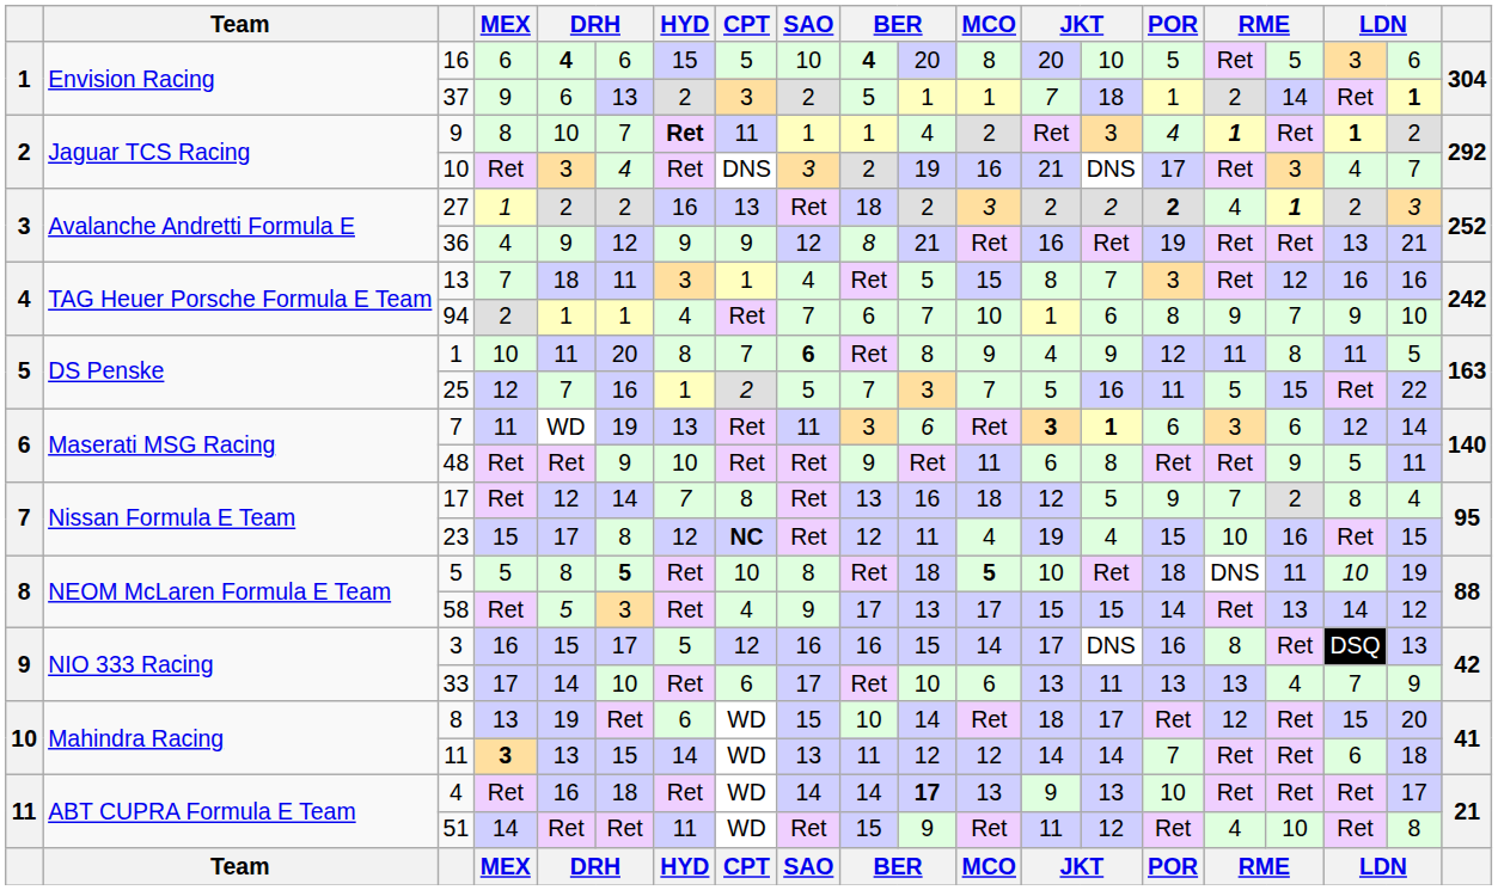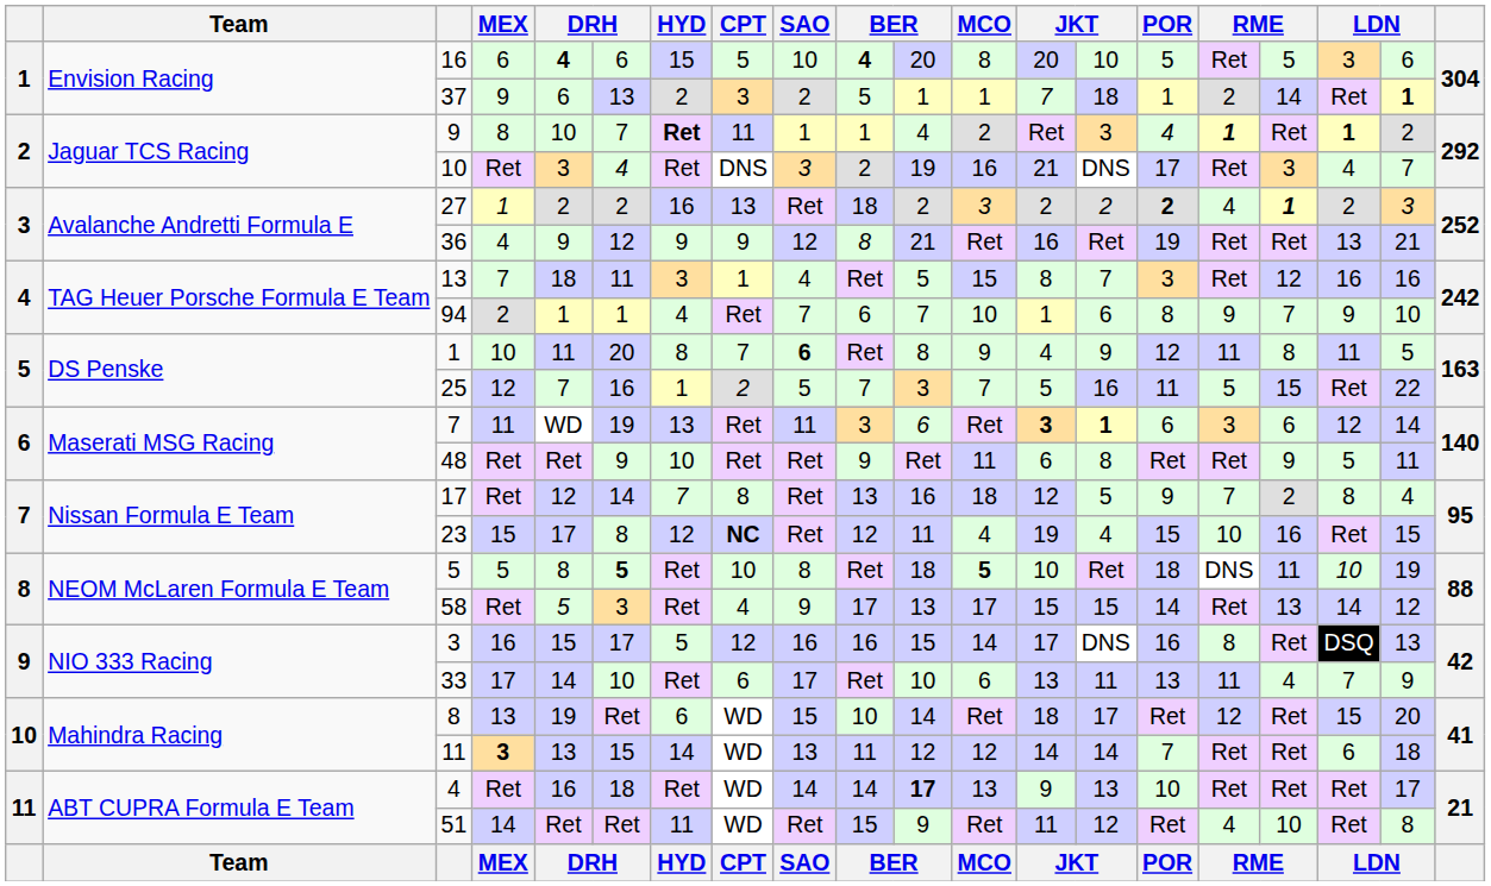 <table class="wikitable" style="font-size:85%; text-align:center">
 <tr>
 <th valign="middle"></th>
 <th valign="middle">Team</th>
 <th></th>
 <th><a href='#'>MEX</a><br></th>
 <th colspan="2" scope="col"><a href='#'>DRH</a><br></th>
 <th><a href='#'>HYD</a><br></th>
 <th><a href='#'>CPT</a><br></th>
 <th><a href='#'>SAO</a><br></th>
 <th colspan="2"><a href='#'>BER</a><br></th>
 <th><a href='#'>MCO</a><br></th>
 <th colspan="2"><a href='#'>JKT</a><br></th>
 <th><a href='#'>POR</a><br></th>
 <th colspan="2"><a href='#'>RME</a><br></th>
 <th colspan="2"><a href='#'>LDN</a><br></th>
 <th></th>
 </tr>
 <tr>
 <th rowspan='2'>1</th>
 <td rowspan='2' align=left> <a href='#'>Envision Racing</a></td>
 <td>16</td>
 <td style='background:#DFFFDF'>6</td>
 <td style='background:#DFFFDF'><strong>4</strong></td>
 <td style='background:#DFFFDF'>6</td>
 <td style='background:#CFCFFF'>15</td>
 <td style='background:#DFFFDF'>5</td>
 <td style='background:#DFFFDF'>10</td>
 <td style='background:#DFFFDF'><strong>4</strong></td>
 <td style='background:#CFCFFF'>20</td>
 <td style='background:#DFFFDF'>8</td>
 <td style='background:#CFCFFF'>20</td>
 <td style='background:#DFFFDF'>10</td>
 <td style='background:#DFFFDF'>5</td>
 <td style='background:#EFCFFF'>Ret</td>
 <td style='background:#DFFFDF'>5</td>
 <td style='background:#FFDF9F'>3</td>
 <td style='background:#DFFFDF'>6</td>
 <th rowspan='2'>304</th>
 </tr>
 <tr>
 <td>37</td>
 <td style='background:#DFFFDF'>9</td>
 <td style='background:#DFFFDF'>6</td>
 <td style='background:#CFCFFF'>13</td>
 <td style='background:#DFDFDF'>2</td>
 <td style='background:#FFDF9F'>3</td>
 <td style='background:#DFDFDF'>2</td>
 <td style='background:#DFFFDF'>5</td>
 <td style='background:#FFFFBF'>1</td>
 <td style='background:#FFFFBF'>1</td>
 <td style='background:#DFFFDF'><em>7</em></td>
 <td style='background:#CFCFFF'>18</td>
 <td style='background:#FFFFBF'>1</td>
 <td style='background:#DFDFDF'>2</td>
 <td style='background:#CFCFFF'>14</td>
 <td style='background:#EFCFFF'>Ret</td>
 <td style='background:#FFFFBF'><strong>1</strong></td>
 </tr>
 <tr>
 <th rowspan='2'>2</th>
 <td rowspan='2' align=left> <a href='#'>Jaguar TCS Racing</a></td>
 <td>9</td>
 <td style='background:#DFFFDF'>8</td>
 <td style='background:#DFFFDF'>10</td>
 <td style='background:#DFFFDF'>7</td>
 <td style='background:#EFCFFF'><strong>Ret</strong></td>
 <td style='background:#CFCFFF'>11</td>
 <td style='background:#FFFFBF'>1</td>
 <td style='background:#FFFFBF'>1</td>
 <td style='background:#DFFFDF'>4</td>
 <td style='background:#DFDFDF'>2</td>
 <td style='background:#EFCFFF'>Ret</td>
 <td style='background:#FFDF9F'>3</td>
 <td style='background:#DFFFDF'><em>4</em></td>
 <td style='background:#FFFFBF'><strong><em>1</em></strong></td>
 <td style='background:#EFCFFF'>Ret</td>
 <td style='background:#FFFFBF'><strong>1</strong></td>
 <td style='background:#DFDFDF'>2</td>
 <th rowspan='2'>292</th>
 </tr>
 <tr>
 <td>10</td>
 <td style='background:#EFCFFF'>Ret</td>
 <td style='background:#FFDF9F'>3</td>
 <td style='background:#DFFFDF'><em>4</em></td>
 <td style='background:#EFCFFF'>Ret</td>
 <td style='background:#ffffff'>DNS</td>
 <td style='background:#FFDF9F'><em>3</em></td>
 <td style='background:#DFDFDF'>2</td>
 <td style='background:#CFCFFF'>19</td>
 <td style='background:#CFCFFF'>16</td>
 <td style='background:#CFCFFF'>21</td>
 <td style='background:#ffffff'>DNS</td>
 <td style='background:#CFCFFF'>17</td>
 <td style='background:#EFCFFF'>Ret</td>
 <td style='background:#FFDF9F'>3</td>
 <td style='background:#DFFFDF'>4</td>
 <td style='background:#DFFFDF'>7</td>
 </tr>
 <tr>
 <th rowspan='2'>3</th>
 <td rowspan='2' align=left> <a href='#'>Avalanche Andretti Formula E</a></td>
 <td>27</td>
 <td width='30px' style='background:#FFFFBF'><em>1</em></td>
 <td width='30px' style='background:#DFDFDF'>2</td>
 <td width='30px' style='background:#DFDFDF'>2</td>
 <td width='30px' style='background:#CFCFFF'>16</td>
 <td width='30px' style='background:#CFCFFF'>13</td>
 <td width='30px' style='background:#EFCFFF'>Ret</td>
 <td width='30px' style='background:#CFCFFF'>18</td>
 <td width='30px' style='background:#DFDFDF'>2</td>
 <td width='30px' style='background:#FFDF9F'><em>3</em></td>
 <td width='30px' style='background:#DFDFDF'>2</td>
 <td width='30px' style='background:#DFDFDF'><em>2</em></td>
 <td width='30px' style='background:#DFDFDF'><strong>2</strong></td>
 <td width='30px' style='background:#DFFFDF'>4</td>
 <td width='30px' style='background:#FFFFBF'><strong><em>1</em></strong></td>
 <td width='30px' style='background:#DFDFDF'>2</td>
 <td width='30px' style='background:#FFDF9F'><em>3</em></td>
 <th rowspan='2'>252</th>
 </tr>
 <tr>
 <td>36</td>
 <td style='background:#DFFFDF'>4</td>
 <td style='background:#DFFFDF'>9</td>
 <td style='background:#CFCFFF'>12</td>
 <td style='background:#DFFFDF'>9</td>
 <td style='background:#DFFFDF'>9</td>
 <td style='background:#CFCFFF'>12</td>
 <td style='background:#DFFFDF'><em>8</em></td>
 <td style='background:#CFCFFF'>21</td>
 <td style='background:#EFCFFF'>Ret</td>
 <td style='background:#CFCFFF'>16</td>
 <td style='background:#EFCFFF'>Ret</td>
 <td style='background:#CFCFFF'>19</td>
 <td style='background:#EFCFFF'>Ret</td>
 <td style='background:#EFCFFF'>Ret</td>
 <td style='background:#CFCFFF'>13</td>
 <td style='background:#CFCFFF'>21</td>
 </tr>
 <tr>
 <th rowspan='2'>4</th>
 <td rowspan='2' align=left nowrap> <a href='#'>TAG Heuer Porsche Formula E Team</a></td>
 <td>13</td>
 <td style='background:#DFFFDF'>7</td>
 <td style='background:#CFCFFF'>18</td>
 <td style='background:#CFCFFF'>11</td>
 <td style='background:#FFDF9F'>3</td>
 <td style='background:#FFFFBF'>1</td>
 <td style='background:#DFFFDF'>4</td>
 <td style='background:#EFCFFF'>Ret</td>
 <td style='background:#DFFFDF'>5</td>
 <td style='background:#CFCFFF'>15</td>
 <td style='background:#DFFFDF'>8</td>
 <td style='background:#DFFFDF'>7</td>
 <td style='background:#FFDF9F'>3</td>
 <td style='background:#EFCFFF'>Ret</td>
 <td style='background:#CFCFFF'>12</td>
 <td style='background:#CFCFFF'>16</td>
 <td style='background:#CFCFFF'>16</td>
 <th rowspan='2'>242</th>
 </tr>
 <tr>
 <td>94</td>
 <td style='background:#DFDFDF'>2</td>
 <td style='background:#FFFFBF'>1</td>
 <td style='background:#FFFFBF'>1</td>
 <td style='background:#DFFFDF'>4</td>
 <td style='background:#EFCFFF'>Ret</td>
 <td style='background:#DFFFDF'>7</td>
 <td style='background:#DFFFDF'>6</td>
 <td style='background:#DFFFDF'>7</td>
 <td style='background:#DFFFDF'>10</td>
 <td style='background:#FFFFBF'>1</td>
 <td style='background:#DFFFDF'>6</td>
 <td style='background:#DFFFDF'>8</td>
 <td style='background:#DFFFDF'>9</td>
 <td style='background:#DFFFDF'>7</td>
 <td style='background:#DFFFDF'>9</td>
 <td style='background:#DFFFDF'>10</td>
 </tr>
 <tr>
 <th rowspan='2'>5</th>
 <td rowspan='2' align=left> <a href='#'>DS Penske</a></td>
 <td>1</td>
 <td style='background:#DFFFDF'>10</td>
 <td style='background:#CFCFFF'>11</td>
 <td style='background:#CFCFFF'>20</td>
 <td style='background:#DFFFDF'>8</td>
 <td style='background:#DFFFDF'>7</td>
 <td style='background:#DFFFDF'><strong>6</strong></td>
 <td style='background:#EFCFFF'>Ret</td>
 <td style='background:#DFFFDF'>8</td>
 <td style='background:#DFFFDF'>9</td>
 <td style='background:#DFFFDF'>4</td>
 <td style='background:#DFFFDF'>9</td>
 <td style='background:#CFCFFF'>12</td>
 <td style='background:#CFCFFF'>11</td>
 <td style='background:#DFFFDF'>8</td>
 <td style='background:#CFCFFF'>11</td>
 <td style='background:#DFFFDF'>5</td>
 <th rowspan='2'>163</th>
 </tr>
 <tr>
 <td>25</td>
 <td style='background:#CFCFFF'>12</td>
 <td style='background:#DFFFDF'>7</td>
 <td style='background:#CFCFFF'>16</td>
 <td style='background:#FFFFBF'>1</td>
 <td style='background:#DFDFDF'><em>2</em></td>
 <td style='background:#DFFFDF'>5</td>
 <td style='background:#DFFFDF'>7</td>
 <td style='background:#FFDF9F'>3</td>
 <td style='background:#DFFFDF'>7</td>
 <td style='background:#DFFFDF'>5</td>
 <td style='background:#CFCFFF'>16</td>
 <td style='background:#CFCFFF'>11</td>
 <td style='background:#DFFFDF'>5</td>
 <td style='background:#CFCFFF'>15</td>
 <td style='background:#EFCFFF'>Ret</td>
 <td style='background:#CFCFFF'>22</td>
 </tr>
 <tr>
 <th rowspan='2'>6</th>
 <td rowspan='2' align=left> <a href='#'>Maserati MSG Racing</a></td>
 <td>7</td>
 <td style='background:#CFCFFF'>11</td>
 <td style='background:#ffffff'>WD</td>
 <td style='background:#CFCFFF'>19</td>
 <td style='background:#CFCFFF'>13</td>
 <td style='background:#EFCFFF'>Ret</td>
 <td style='background:#CFCFFF'>11</td>
 <td style='background:#FFDF9F'>3</td>
 <td style='background:#DFFFDF'><em>6</em></td>
 <td style='background:#EFCFFF'>Ret</td>
 <td style='background:#FFDF9F'><strong>3</strong></td>
 <td style='background:#FFFFBF'><strong>1</strong></td>
 <td style='background:#DFFFDF'>6</td>
 <td style='background:#FFDF9F'>3</td>
 <td style='background:#DFFFDF'>6</td>
 <td style='background:#CFCFFF'>12</td>
 <td style='background:#CFCFFF'>14</td>
 <th rowspan='2'>140</th>
 </tr>
 <tr>
 <td>48</td>
 <td style='background:#EFCFFF'>Ret</td>
 <td style='background:#EFCFFF'>Ret</td>
 <td style='background:#DFFFDF'>9</td>
 <td style='background:#DFFFDF'>10</td>
 <td style='background:#EFCFFF'>Ret</td>
 <td style='background:#EFCFFF'>Ret</td>
 <td style='background:#DFFFDF'>9</td>
 <td style='background:#EFCFFF'>Ret</td>
 <td style='background:#CFCFFF'>11</td>
 <td style='background:#DFFFDF'>6</td>
 <td style='background:#DFFFDF'>8</td>
 <td style='background:#EFCFFF'>Ret</td>
 <td style='background:#EFCFFF'>Ret</td>
 <td style='background:#DFFFDF'>9</td>
 <td style='background:#DFFFDF'>5</td>
 <td style='background:#CFCFFF'>11</td>
 </tr>
 <tr>
 <th rowspan='2'>7</th>
 <td rowspan='2' align=left> <a href='#'>Nissan Formula E Team</a></td>
 <td>17</td>
 <td style='background:#EFCFFF'>Ret</td>
 <td style='background:#CFCFFF'>12</td>
 <td style='background:#CFCFFF'>14</td>
 <td style='background:#DFFFDF'><em>7</em></td>
 <td style='background:#DFFFDF'>8</td>
 <td style='background:#EFCFFF'>Ret</td>
 <td style='background:#CFCFFF'>13</td>
 <td style='background:#CFCFFF'>16</td>
 <td style='background:#CFCFFF'>18</td>
 <td style='background:#CFCFFF'>12</td>
 <td style='background:#DFFFDF'>5</td>
 <td style='background:#DFFFDF'>9</td>
 <td style='background:#DFFFDF'>7</td>
 <td style='background:#DFDFDF'>2</td>
 <td style='background:#DFFFDF'>8</td>
 <td style='background:#DFFFDF'>4</td>
 <th rowspan='2'>95</th>
 </tr>
 <tr>
 <td>23</td>
 <td style='background:#CFCFFF'>15</td>
 <td style='background:#CFCFFF'>17</td>
 <td style='background:#DFFFDF'>8</td>
 <td style='background:#CFCFFF'>12</td>
 <td style='background:#CFCFFF'><strong>NC</strong></td>
 <td style='background:#EFCFFF'>Ret</td>
 <td style='background:#CFCFFF'>12</td>
 <td style='background:#CFCFFF'>11</td>
 <td style='background:#DFFFDF'>4</td>
 <td style='background:#CFCFFF'>19</td>
 <td style='background:#DFFFDF'>4</td>
 <td style='background:#CFCFFF'>15</td>
 <td style='background:#DFFFDF'>10</td>
 <td style='background:#CFCFFF'>16</td>
 <td style='background:#EFCFFF'>Ret</td>
 <td style='background:#CFCFFF'>15</td>
 </tr>
 <tr>
 <th rowspan='2'>8</th>
 <td rowspan='2' align=left> <a href='#'>NEOM McLaren Formula E Team</a></td>
 <td>5</td>
 <td style='background:#DFFFDF'>5</td>
 <td style='background:#DFFFDF'>8</td>
 <td style='background:#DFFFDF'><strong>5</strong></td>
 <td style='background:#EFCFFF'>Ret</td>
 <td style='background:#DFFFDF'>10</td>
 <td style='background:#DFFFDF'>8</td>
 <td style='background:#EFCFFF'>Ret</td>
 <td style='background:#CFCFFF'>18</td>
 <td style='background:#DFFFDF'><strong>5</strong></td>
 <td style='background:#DFFFDF'>10</td>
 <td style='background:#EFCFFF'>Ret</td>
 <td style='background:#CFCFFF'>18</td>
 <td style='background:#ffffff'>DNS</td>
 <td style='background:#CFCFFF'>11</td>
 <td style='background:#DFFFDF'><em>10</em></td>
 <td style='background:#CFCFFF'>19</td>
 <th rowspan='2'>88</th>
 </tr>
 <tr>
 <td>58</td>
 <td style='background:#EFCFFF'>Ret</td>
 <td style='background:#DFFFDF'><em>5</em></td>
 <td style='background:#FFDF9F'>3</td>
 <td style='background:#EFCFFF'>Ret</td>
 <td style='background:#DFFFDF'>4</td>
 <td style='background:#DFFFDF'>9</td>
 <td style='background:#CFCFFF'>17</td>
 <td style='background:#CFCFFF'>13</td>
 <td style='background:#CFCFFF'>17</td>
 <td style='background:#CFCFFF'>15</td>
 <td style='background:#CFCFFF'>15</td>
 <td style='background:#CFCFFF'>14</td>
 <td style='background:#EFCFFF'>Ret</td>
 <td style='background:#CFCFFF'>13</td>
 <td style='background:#CFCFFF'>14</td>
 <td style='background:#CFCFFF'>12</td>
 </tr>
 <tr>
 <th rowspan='2'>9</th>
 <td rowspan='2' align=left> <a href='#'>NIO 333 Racing</a></td>
 <td>3</td>
 <td style='background:#CFCFFF'>16</td>
 <td style='background:#CFCFFF'>15</td>
 <td style='background:#CFCFFF'>17</td>
 <td style='background:#DFFFDF'>5</td>
 <td style='background:#CFCFFF'>12</td>
 <td style='background:#CFCFFF'>16</td>
 <td style='background:#CFCFFF'>16</td>
 <td style='background:#CFCFFF'>15</td>
 <td style='background:#CFCFFF'>14</td>
 <td style='background:#CFCFFF'>17</td>
 <td style='background:#ffffff'>DNS</td>
 <td style='background:#CFCFFF'>16</td>
 <td style='background:#DFFFDF'>8</td>
 <td style='background:#EFCFFF'>Ret</td>
 <td style="background:#000000; letter-spacing:0px; color:white">DSQ</td>
 <td style='background:#CFCFFF'>13</td>
 <th rowspan='2'>42</th>
 </tr>
 <tr>
 <td>33</td>
 <td style='background:#CFCFFF'>17</td>
 <td style='background:#CFCFFF'>14</td>
 <td style='background:#DFFFDF'>10</td>
 <td style='background:#EFCFFF'>Ret</td>
 <td style='background:#DFFFDF'>6</td>
 <td style='background:#CFCFFF'>17</td>
 <td style='background:#EFCFFF'>Ret</td>
 <td style='background:#DFFFDF'>10</td>
 <td style='background:#DFFFDF'>6</td>
 <td style='background:#CFCFFF'>13</td>
 <td style='background:#CFCFFF'>11</td>
 <td style='background:#CFCFFF'>13</td>
-<td style='background:#CFCFFF'>13</td>
+<td style='background:#CFCFFF'>11</td>
 <td style='background:#DFFFDF'>4</td>
 <td style='background:#DFFFDF'>7</td>
 <td style='background:#DFFFDF'>9</td>
 </tr>
 <tr>
 <th rowspan='2'>10</th>
 <td rowspan='2' align=left> <a href='#'>Mahindra Racing</a></td>
 <td>8</td>
 <td style='background:#CFCFFF'>13</td>
 <td style='background:#CFCFFF'>19</td>
 <td style='background:#EFCFFF'>Ret</td>
 <td style='background:#DFFFDF'>6</td>
 <td style='background:#ffffff'>WD</td>
 <td style='background:#CFCFFF'>15</td>
 <td style='background:#DFFFDF'>10</td>
 <td style='background:#CFCFFF'>14</td>
 <td style='background:#EFCFFF'>Ret</td>
 <td style='background:#CFCFFF'>18</td>
 <td style='background:#CFCFFF'>17</td>
 <td style='background:#EFCFFF'>Ret</td>
 <td style='background:#CFCFFF'>12</td>
 <td style='background:#EFCFFF'>Ret</td>
 <td style='background:#CFCFFF'>15</td>
 <td style='background:#CFCFFF'>20</td>
 <th rowspan='2'>41</th>
 </tr>
 <tr>
 <td>11</td>
 <td style='background:#FFDF9F'><strong>3</strong></td>
 <td style='background:#CFCFFF'>13</td>
 <td style='background:#CFCFFF'>15</td>
 <td style='background:#CFCFFF'>14</td>
 <td style='background:#ffffff'>WD</td>
 <td style='background:#CFCFFF'>13</td>
 <td style='background:#CFCFFF'>11</td>
 <td style='background:#CFCFFF'>12</td>
 <td style='background:#CFCFFF'>12</td>
 <td style='background:#CFCFFF'>14</td>
 <td style='background:#CFCFFF'>14</td>
 <td style='background:#DFFFDF'>7</td>
 <td style='background:#EFCFFF'>Ret</td>
 <td style='background:#EFCFFF'>Ret</td>
 <td style='background:#DFFFDF'>6</td>
 <td style='background:#CFCFFF'>18</td>
 </tr>
 <tr>
 <th rowspan='2'>11</th>
 <td rowspan='2' align=left> <a href='#'>ABT CUPRA Formula E Team</a></td>
 <td>4</td>
 <td style='background:#EFCFFF'>Ret</td>
 <td style='background:#CFCFFF'>16</td>
 <td style='background:#CFCFFF'>18</td>
 <td style='background:#EFCFFF'>Ret</td>
 <td style='background:#ffffff'>WD</td>
 <td style='background:#CFCFFF'>14</td>
 <td style='background:#CFCFFF'>14</td>
 <td style='background:#CFCFFF'><strong>17</strong></td>
 <td style='background:#CFCFFF'>13</td>
 <td style='background:#DFFFDF'>9</td>
 <td style='background:#CFCFFF'>13</td>
 <td style='background:#DFFFDF'>10</td>
 <td style='background:#EFCFFF'>Ret</td>
 <td style='background:#EFCFFF'>Ret</td>
 <td style='background:#EFCFFF'>Ret</td>
 <td style='background:#CFCFFF'>17</td>
 <th rowspan='2'>21</th>
 </tr>
 <tr>
 <td>51</td>
 <td style='background:#CFCFFF'>14</td>
 <td style='background:#EFCFFF'>Ret</td>
 <td style='background:#EFCFFF'>Ret</td>
 <td style='background:#CFCFFF'>11</td>
 <td style='background:#ffffff'>WD</td>
 <td style='background:#EFCFFF'>Ret</td>
 <td style='background:#CFCFFF'>15</td>
 <td style='background:#DFFFDF'>9</td>
 <td style='background:#EFCFFF'>Ret</td>
 <td style='background:#CFCFFF'>11</td>
 <td style='background:#CFCFFF'>12</td>
 <td style='background:#EFCFFF'>Ret</td>
 <td width='30px' style='background:#DFFFDF'>4</td>
 <td style='background:#DFFFDF'>10</td>
 <td style='background:#EFCFFF'>Ret</td>
 <td style='background:#DFFFDF'>8</td>
 </tr>
 <tr>
 <th></th>
 <th>Team</th>
 <th></th>
 <th><a href='#'>MEX</a><br></th>
 <th colspan="2" scope="col"><a href='#'>DRH</a><br></th>
 <th><a href='#'>HYD</a><br></th>
 <th><a href='#'>CPT</a><br></th>
 <th><a href='#'>SAO</a><br></th>
 <th colspan="2"><a href='#'>BER</a><br></th>
 <th><a href='#'>MCO</a><br></th>
 <th colspan="2"><a href='#'>JKT</a><br></th>
 <th><a href='#'>POR</a><br></th>
 <th colspan="2"><a href='#'>RME</a><br></th>
 <th colspan="2"><a href='#'>LDN</a><br></th>
 <th></th>
 </tr>
 </table>
